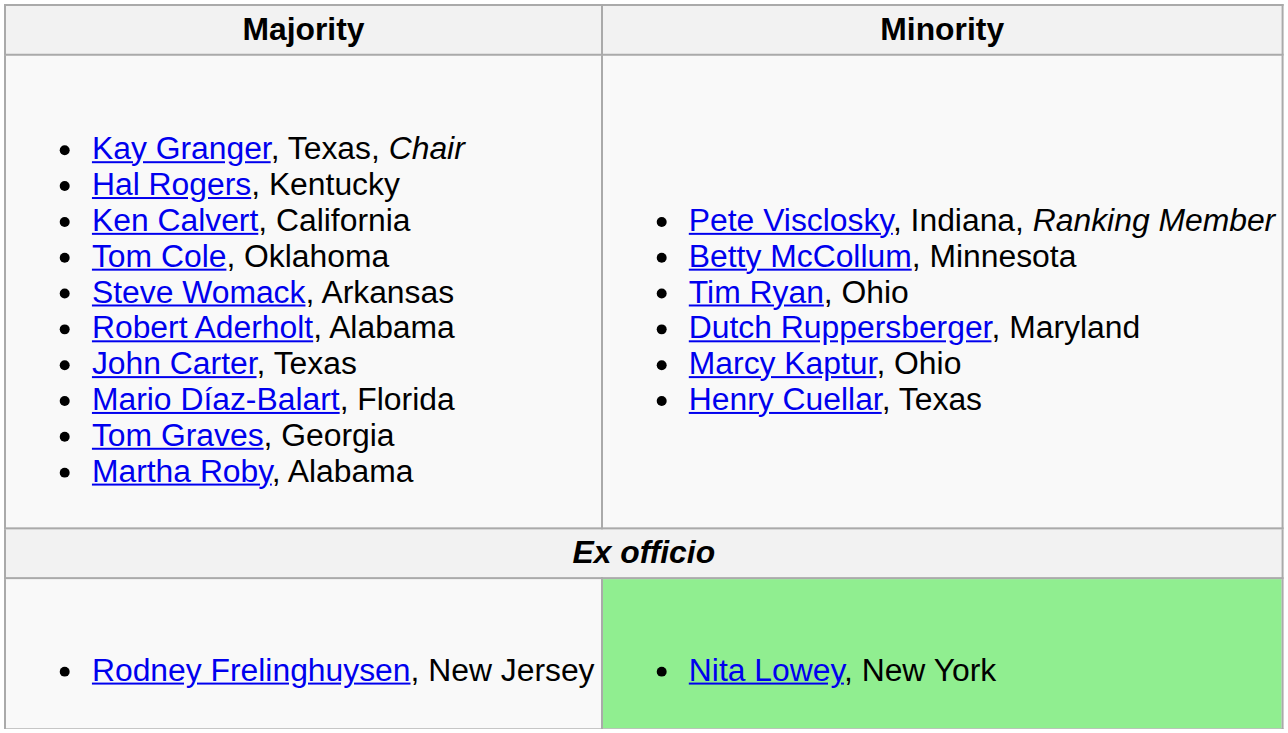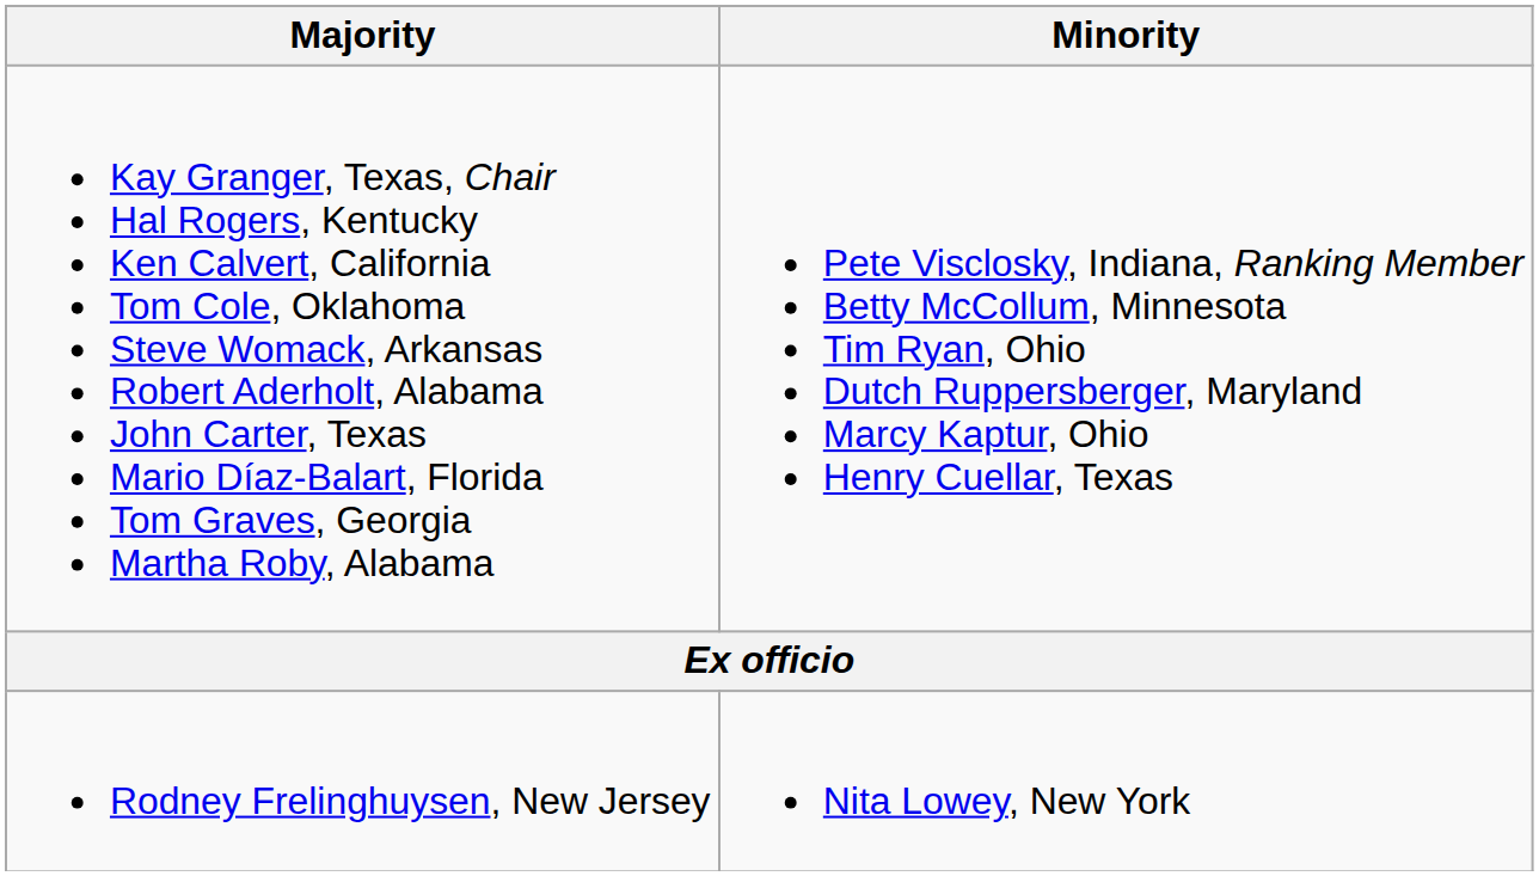 <table class=wikitable>
 <tr>
 <th>Majority</th>
 <th>Minority</th>
 </tr>
 <tr>
 <td><br><ul><li><a href='#'>Kay Granger</a>, Texas, <em>Chair</em></li><li><a href='#'>Hal Rogers</a>, Kentucky</li><li><a href='#'>Ken Calvert</a>, California</li><li><a href='#'>Tom Cole</a>, Oklahoma</li><li><a href='#'>Steve Womack</a>, Arkansas</li><li><a href='#'>Robert Aderholt</a>, Alabama</li><li><a href='#'>John Carter</a>, Texas</li><li><a href='#'>Mario Díaz-Balart</a>, Florida</li><li><a href='#'>Tom Graves</a>, Georgia</li><li><a href='#'>Martha Roby</a>, Alabama</li></ul></td>
 <td><br><ul><li><a href='#'>Pete Visclosky</a>, Indiana, <em>Ranking Member</em></li><li><a href='#'>Betty McCollum</a>, Minnesota</li><li><a href='#'>Tim Ryan</a>, Ohio</li><li><a href='#'>Dutch Ruppersberger</a>, Maryland</li><li><a href='#'>Marcy Kaptur</a>, Ohio</li><li><a href='#'>Henry Cuellar</a>, Texas</li></ul></td>
 </tr>
 <tr>
 <th colspan=2><em>Ex officio</em></th>
 </tr>
 <tr>
 <td><br><ul><li><a href='#'>Rodney Frelinghuysen</a>, New Jersey</li></ul></td>
-<td style="background: lightgreen;"><br><ul><li><a href='#'>Nita Lowey</a>, New York</li></ul></td>
+<td><br><ul><li><a href='#'>Nita Lowey</a>, New York</li></ul></td>
 </tr>
 </table>
